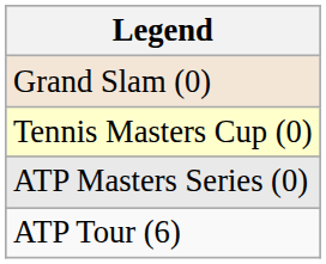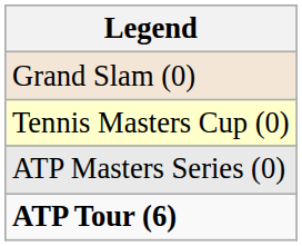 <table class="wikitable sortable mw-collapsible mw-collapsed">
 <tr>
 <th>Legend</th>
 </tr>
 <tr style="background:#f3e6d7;">
 <td>Grand Slam (0)</td>
 </tr>
 <tr style="background:#ffc;">
 <td>Tennis Masters Cup (0)</td>
 </tr>
 <tr style="background:#e9e9e9;">
 <td>ATP Masters Series (0)</td>
 </tr>
 <tr>
-<td>ATP Tour (6)</td>
+<td><strong>ATP Tour (6)</strong></td>
 </tr>
 </table>
